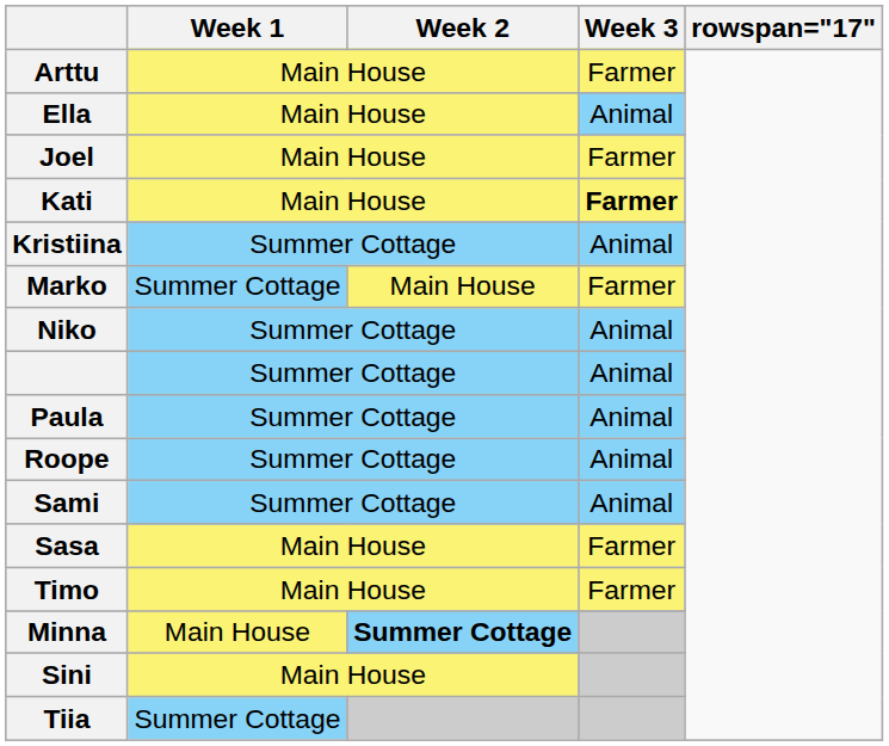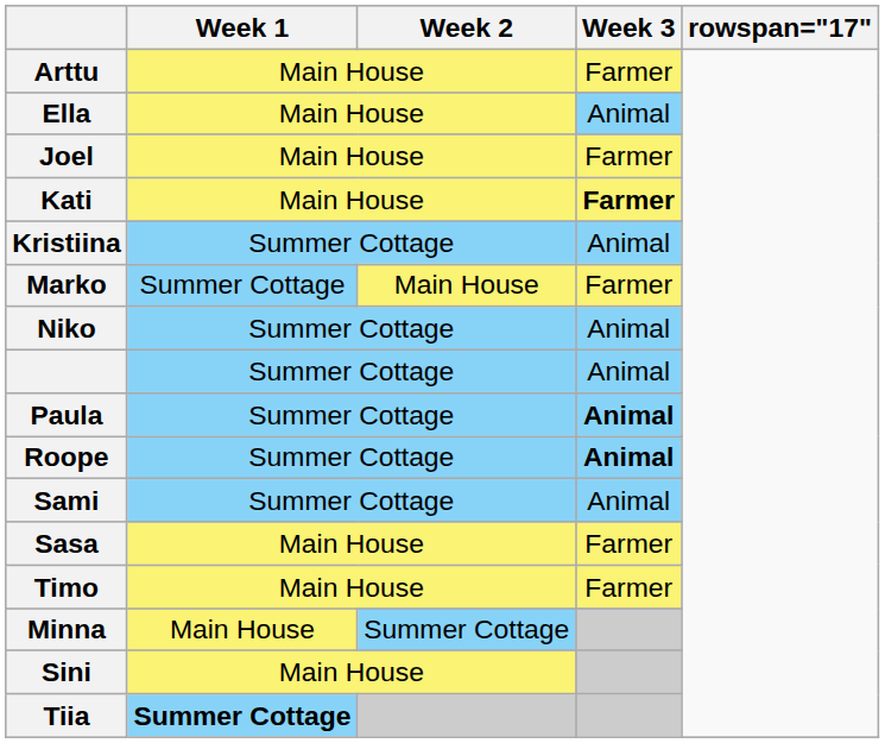 <table class="wikitable" style="text-align:center; font-size:90%; width=40%">
 <tr>
 <th></th>
 <th>Week 1</th>
 <th>Week 2</th>
 <th>Week 3</th>
 <th>rowspan="17" </th>
 </tr>
 <tr>
 <th>Arttu</th>
 <td colspan="2" style="background:#FBF373">Main House</td>
 <td style="background:#FBF373">Farmer</td>
 </tr>
 <tr>
 <th>Ella</th>
 <td colspan="2" style="background:#FBF373">Main House</td>
 <td style="background:#87D3F8">Animal</td>
 </tr>
 <tr>
 <th>Joel</th>
 <td colspan="2" style="background:#FBF373">Main House</td>
 <td style="background:#FBF373">Farmer</td>
 </tr>
 <tr>
 <th>Kati</th>
 <td colspan="2" style="background:#FBF373">Main House</td>
 <td style="background:#FBF373"><strong>Farmer</strong></td>
 </tr>
 <tr>
 <th>Kristiina</th>
 <td colspan="2" style="background:#87D3F8">Summer Cottage</td>
 <td style="background:#87D3F8">Animal</td>
 </tr>
 <tr>
 <th>Marko</th>
 <td style="background:#87D3F8">Summer Cottage</td>
 <td style="background:#FBF373">Main House</td>
 <td style="background:#FBF373">Farmer</td>
 </tr>
 <tr>
 <th>Niko</th>
 <td colspan="2" style="background:#87D3F8">Summer Cottage</td>
 <td style="background:#87D3F8">Animal</td>
 </tr>
 <tr>
 <th></th>
 <td colspan="2" style="background:#87D3F8">Summer Cottage</td>
 <td style="background:#87D3F8">Animal</td>
 </tr>
 <tr>
 <th>Paula</th>
 <td colspan="2" style="background:#87D3F8">Summer Cottage</td>
-<td style="background:#87D3F8">Animal</td>
+<td style="background:#87D3F8"><strong>Animal</strong></td>
 </tr>
 <tr>
 <th>Roope</th>
 <td colspan="2" style="background:#87D3F8">Summer Cottage</td>
-<td style="background:#87D3F8">Animal</td>
+<td style="background:#87D3F8"><strong>Animal</strong></td>
 </tr>
 <tr>
 <th>Sami</th>
 <td colspan="2" style="background:#87D3F8">Summer Cottage</td>
 <td style="background:#87D3F8">Animal</td>
 </tr>
 <tr>
 <th>Sasa</th>
 <td colspan="2" style="background:#FBF373">Main House</td>
 <td style="background:#FBF373">Farmer</td>
 </tr>
 <tr>
 <th>Timo</th>
 <td colspan="2" style="background:#FBF373">Main House</td>
 <td style="background:#FBF373">Farmer</td>
 </tr>
 <tr>
 <th>Minna</th>
 <td style="background:#FBF373">Main House</td>
-<td style="background:#87D3F8"><strong>Summer Cottage</strong></td>
+<td style="background:#87D3F8">Summer Cottage</td>
 <td style="background:#ccc"></td>
 </tr>
 <tr>
 <th>Sini</th>
 <td colspan="2" style="background:#FBF373">Main House</td>
 <td style="background:#ccc"></td>
 </tr>
 <tr>
 <th>Tiia</th>
-<td style="background:#87D3F8">Summer Cottage</td>
+<td style="background:#87D3F8"><strong>Summer Cottage</strong></td>
 <td style="background:#ccc"></td>
 <td style="background:#ccc"></td>
 </tr>
 </table>
